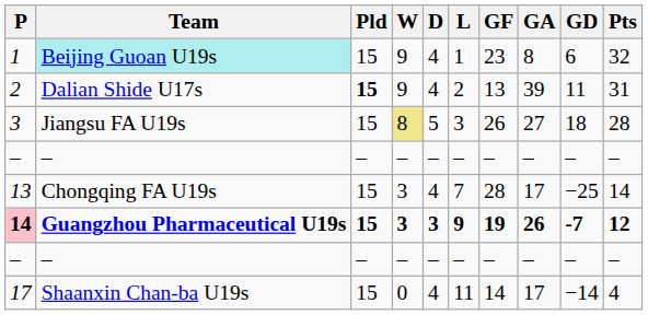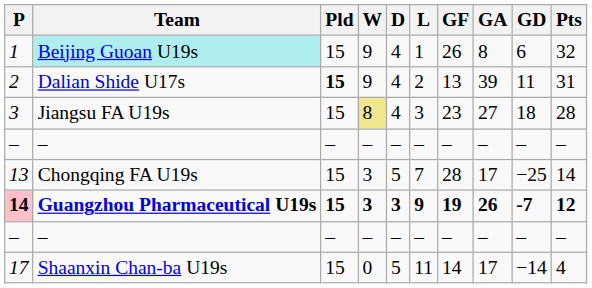 <table class="wikitable sortable">
 <tr>
 <th>P</th>
 <th>Team</th>
 <th>Pld</th>
 <th>W</th>
 <th>D</th>
 <th>L</th>
 <th>GF</th>
 <th>GA</th>
 <th>GD</th>
 <th>Pts</th>
 </tr>
 <tr>
 <td><em>1</em></td>
 <td style="background: paleturquoise;"><a href='#'>Beijing Guoan</a> U19s</td>
 <td>15</td>
 <td>9</td>
 <td>4</td>
 <td>1</td>
-<td>23</td>
+<td>26</td>
 <td>8</td>
 <td>6</td>
 <td>32</td>
 </tr>
 <tr>
 <td><em>2</em></td>
 <td><a href='#'>Dalian Shide</a> U17s</td>
 <td><strong>15</strong></td>
 <td>9</td>
 <td>4</td>
 <td>2</td>
 <td>13</td>
 <td>39</td>
 <td>11</td>
 <td>31</td>
 </tr>
 <tr>
 <td><em>3</em></td>
 <td>Jiangsu FA U19s</td>
 <td>15</td>
 <td style="background: khaki;">8</td>
-<td>5</td>
+<td>4</td>
 <td>3</td>
-<td>26</td>
+<td>23</td>
 <td>27</td>
 <td>18</td>
 <td>28</td>
 </tr>
 <tr>
 <td>–</td>
 <td>–</td>
 <td>–</td>
 <td>–</td>
 <td>–</td>
 <td>–</td>
 <td>–</td>
 <td>–</td>
 <td>–</td>
 <td>–</td>
 </tr>
 <tr>
 <td><em>13</em></td>
 <td>Chongqing FA U19s</td>
 <td>15</td>
 <td>3</td>
-<td>4</td>
+<td>5</td>
 <td>7</td>
 <td>28</td>
 <td>17</td>
 <td>−25</td>
 <td>14</td>
 </tr>
 <tr>
 <td style="background: pink;"><strong>14</strong></td>
 <td><strong><a href='#'>Guangzhou Pharmaceutical</a> U19s</strong></td>
 <td><strong>15</strong></td>
 <td><strong>3</strong></td>
 <td><strong>3</strong></td>
 <td><strong>9</strong></td>
 <td><strong>19</strong></td>
 <td><strong>26</strong></td>
 <td><strong>-7</strong></td>
 <td><strong>12</strong></td>
 </tr>
 <tr>
 <td>–</td>
 <td>–</td>
 <td>–</td>
 <td>–</td>
 <td>–</td>
 <td>–</td>
 <td>–</td>
 <td>–</td>
 <td>–</td>
 <td>–</td>
 </tr>
 <tr>
 <td><em>17</em></td>
 <td><a href='#'>Shaanxin Chan-ba</a> U19s</td>
 <td>15</td>
 <td>0</td>
-<td>4</td>
+<td>5</td>
 <td>11</td>
 <td>14</td>
 <td>17</td>
 <td>−14</td>
 <td>4</td>
 </tr>
 </table>
